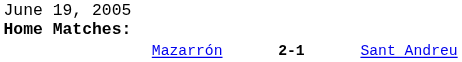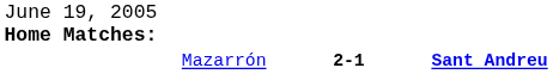 <table width=100% cellspacing=1>
 <tr>
 <th width=20%></th>
 <th width=12%></th>
 <th width=20%></th>
 <th></th>
 </tr>
 <tr>
 <td>June 19, 2005<br><strong>Home Matches:</strong></td>
 </tr>
 <tr style=font-size:90%>
 <td align=right><a href='#'>Mazarrón</a></td>
 <td align=center><strong>2-1</strong></td>
-<td><a href='#'>Sant Andreu</a></td>
+<td><strong><a href='#'>Sant Andreu</a></strong></td>
 </tr>
 </table>
